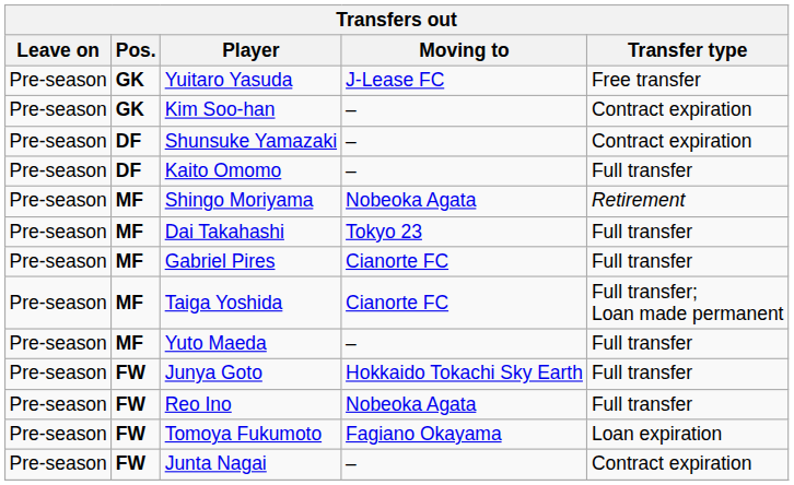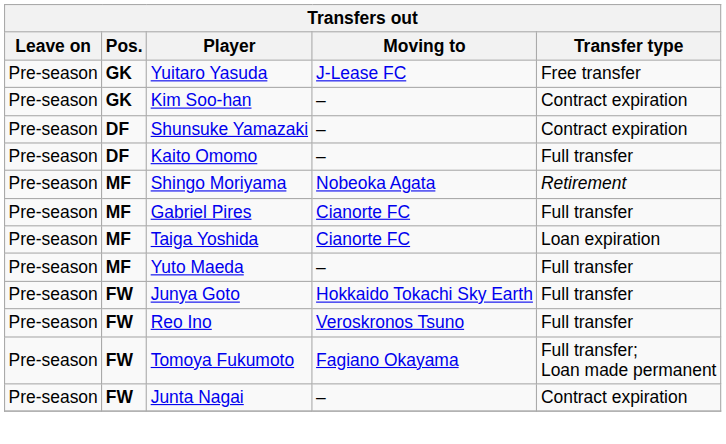 <table class="wikitable sortable" style=“text-align:left;>
 <tr>
 <th colspan="5">Transfers out</th>
 </tr>
 <tr>
 <th>Leave on</th>
 <th>Pos.</th>
 <th>Player</th>
 <th>Moving to</th>
 <th>Transfer type</th>
 </tr>
 <tr>
 <td>Pre-season</td>
 <td><strong>GK</strong></td>
 <td> <a href='#'>Yuitaro Yasuda</a></td>
 <td> <a href='#'>J-Lease FC</a></td>
 <td>Free transfer</td>
 </tr>
 <tr>
 <td>Pre-season</td>
 <td><strong>GK</strong></td>
 <td> <a href='#'>Kim Soo-han</a></td>
 <td>–</td>
 <td>Contract expiration</td>
 </tr>
 <tr>
 <td>Pre-season</td>
 <td><strong>DF</strong></td>
 <td> <a href='#'>Shunsuke Yamazaki</a></td>
 <td>–</td>
 <td>Contract expiration</td>
 </tr>
 <tr>
 <td>Pre-season</td>
 <td><strong>DF</strong></td>
 <td> <a href='#'>Kaito Omomo</a></td>
 <td>–</td>
 <td>Full transfer</td>
 </tr>
 <tr>
 <td>Pre-season</td>
 <td><strong>MF</strong></td>
 <td> <a href='#'>Shingo Moriyama</a></td>
 <td> <a href='#'>Nobeoka Agata</a></td>
 <td><em>Retirement</em></td>
 </tr>
 <tr>
 <td>Pre-season</td>
 <td><strong>MF</strong></td>
-<td> <a href='#'>Dai Takahashi</a></td>
-<td> <a href='#'>Tokyo 23</a></td>
-<td>Full transfer</td>
-</tr>
-<tr>
-<td>Pre-season</td>
-<td><strong>MF</strong></td>
 <td> <a href='#'>Gabriel Pires</a></td>
 <td> <a href='#'>Cianorte FC</a></td>
 <td>Full transfer</td>
 </tr>
 <tr>
 <td>Pre-season</td>
 <td><strong>MF</strong></td>
 <td> <a href='#'>Taiga Yoshida</a></td>
 <td> <a href='#'>Cianorte FC</a></td>
-<td>Full transfer;<br> Loan made permanent</td>
+<td>Loan expiration</td>
 </tr>
 <tr>
 <td>Pre-season</td>
 <td><strong>MF</strong></td>
 <td> <a href='#'>Yuto Maeda</a></td>
 <td>–</td>
 <td>Full transfer</td>
 </tr>
 <tr>
 <td>Pre-season</td>
 <td><strong>FW</strong></td>
 <td> <a href='#'>Junya Goto</a></td>
 <td> <a href='#'>Hokkaido Tokachi Sky Earth</a></td>
 <td>Full transfer</td>
 </tr>
 <tr>
 <td>Pre-season</td>
 <td><strong>FW</strong></td>
 <td> <a href='#'>Reo Ino</a></td>
-<td> <a href='#'>Nobeoka Agata</a></td>
+<td> <a href='#'>Veroskronos Tsuno</a></td>
 <td>Full transfer</td>
 </tr>
 <tr>
 <td>Pre-season</td>
 <td><strong>FW</strong></td>
 <td> <a href='#'>Tomoya Fukumoto</a></td>
 <td> <a href='#'>Fagiano Okayama</a></td>
-<td>Loan expiration</td>
+<td>Full transfer;<br> Loan made permanent</td>
 </tr>
 <tr>
 <td>Pre-season</td>
 <td><strong>FW</strong></td>
 <td> <a href='#'>Junta Nagai</a></td>
 <td>–</td>
 <td>Contract expiration</td>
 </tr>
 <tr>
 </tr>
 </table>
